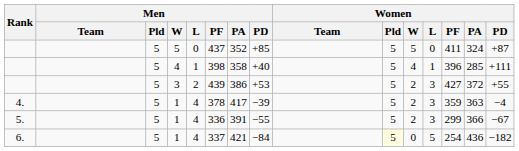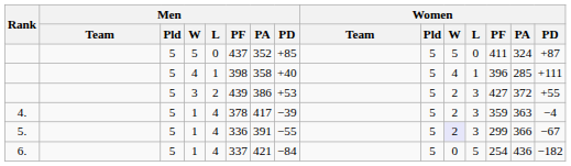 <table class=wikitable>
 <tr>
 <th rowspan=2>Rank</th>
 <th colspan=7>Men</th>
 <th colspan=7>Women</th>
 </tr>
 <tr>
 <th width=150px>Team</th>
 <th width=20px>Pld</th>
 <th width=20px>W</th>
 <th width=20px>L</th>
 <th width=20px>PF</th>
 <th width=20px>PA</th>
 <th width=20px>PD</th>
 <th width=150px>Team</th>
 <th width=20px>Pld</th>
 <th width=20px>W</th>
 <th width=20px>L</th>
 <th width=20px>PF</th>
 <th width=20px>PA</th>
 <th width=20px>PD</th>
 </tr>
 <tr align=center>
 <td></td>
 <td align=left></td>
 <td>5</td>
 <td>5</td>
 <td>0</td>
 <td>437</td>
 <td>352</td>
 <td>+85</td>
 <td align=left></td>
 <td>5</td>
 <td>5</td>
 <td>0</td>
 <td>411</td>
 <td>324</td>
 <td>+87</td>
 </tr>
 <tr align=center>
 <td></td>
 <td align=left></td>
 <td>5</td>
 <td>4</td>
 <td>1</td>
 <td>398</td>
 <td>358</td>
 <td>+40</td>
 <td align=left></td>
 <td>5</td>
 <td>4</td>
 <td>1</td>
 <td>396</td>
 <td>285</td>
 <td>+111</td>
 </tr>
 <tr align=center>
 <td></td>
 <td align=left></td>
 <td>5</td>
 <td>3</td>
 <td>2</td>
 <td>439</td>
 <td>386</td>
 <td>+53</td>
 <td align=left></td>
 <td>5</td>
 <td>2</td>
 <td>3</td>
 <td>427</td>
 <td>372</td>
 <td>+55</td>
 </tr>
 <tr align=center>
 <td>4.</td>
 <td align=left></td>
 <td>5</td>
 <td>1</td>
 <td>4</td>
 <td>378</td>
 <td>417</td>
 <td>−39</td>
 <td align=left></td>
 <td>5</td>
 <td>2</td>
 <td>3</td>
 <td>359</td>
 <td>363</td>
 <td>−4</td>
 </tr>
 <tr align=center>
 <td>5.</td>
 <td align=left></td>
 <td>5</td>
 <td>1</td>
 <td>4</td>
 <td>336</td>
 <td>391</td>
 <td>−55</td>
 <td align=left></td>
 <td>5</td>
-<td>2</td>
+<td style="background: lavender;">2</td>
 <td>3</td>
 <td>299</td>
 <td>366</td>
 <td>−67</td>
 </tr>
 <tr align=center>
 <td>6.</td>
 <td align=left></td>
 <td>5</td>
 <td>1</td>
 <td>4</td>
 <td>337</td>
 <td>421</td>
 <td>−84</td>
 <td align=left></td>
-<td style="background: lightyellow;">5</td>
+<td>5</td>
 <td>0</td>
 <td>5</td>
 <td>254</td>
 <td>436</td>
 <td>−182</td>
 </tr>
 </table>
